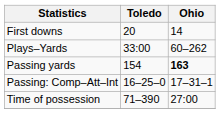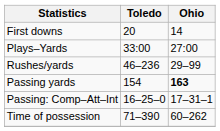 <table class="wikitable" style="float: left;">
 <tr>
 <th>Statistics</th>
 <th>Toledo</th>
 <th>Ohio</th>
 </tr>
 <tr>
 <td>First downs</td>
 <td>20</td>
 <td>14</td>
 </tr>
 <tr>
 <td>Plays–Yards</td>
 <td>33:00</td>
-<td>60–262</td>
+<td>27:00</td>
+</tr>
+<tr>
+<td>Rushes/yards</td>
+<td>46–236</td>
+<td>29–99</td>
 </tr>
 <tr>
 <td>Passing yards</td>
 <td>154</td>
 <td><strong>163</strong></td>
 </tr>
 <tr>
 <td>Passing: Comp–Att–Int</td>
 <td>16–25–0</td>
 <td>17–31–1</td>
 </tr>
 <tr>
 <td>Time of possession</td>
 <td>71–390</td>
-<td>27:00</td>
+<td>60–262</td>
 </tr>
 <tr>
 </tr>
 </table>
